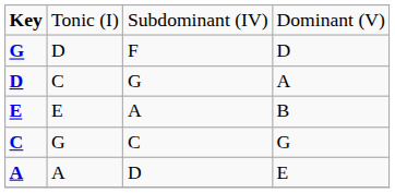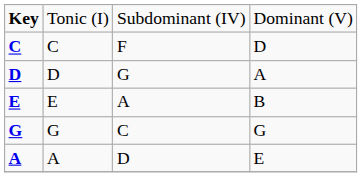 <table class="wikitable">
 <tr>
 <td><strong>Key</strong></td>
 <td>Tonic (I)</td>
 <td>Subdominant (IV)</td>
 <td>Dominant (V)</td>
 </tr>
 <tr>
-<td><strong><a href='#'>G</a></strong></td>
-<td>D</td>
+<td><strong><a href='#'>C</a></strong></td>
+<td>C</td>
 <td>F</td>
 <td>D</td>
 </tr>
 <tr>
 <td><strong><a href='#'>D</a></strong></td>
-<td>C</td>
+<td>D</td>
 <td>G</td>
 <td>A</td>
 </tr>
 <tr>
 <td><strong><a href='#'>E</a></strong></td>
 <td>E</td>
 <td>A</td>
 <td>B</td>
 </tr>
 <tr>
-<td><strong><a href='#'>C</a></strong></td>
+<td><strong><a href='#'>G</a></strong></td>
 <td>G</td>
 <td>C</td>
 <td>G</td>
 </tr>
 <tr>
 <td><strong><a href='#'>A</a></strong></td>
 <td>A</td>
 <td>D</td>
 <td>E</td>
 </tr>
 <tr>
 </tr>
 </table>
